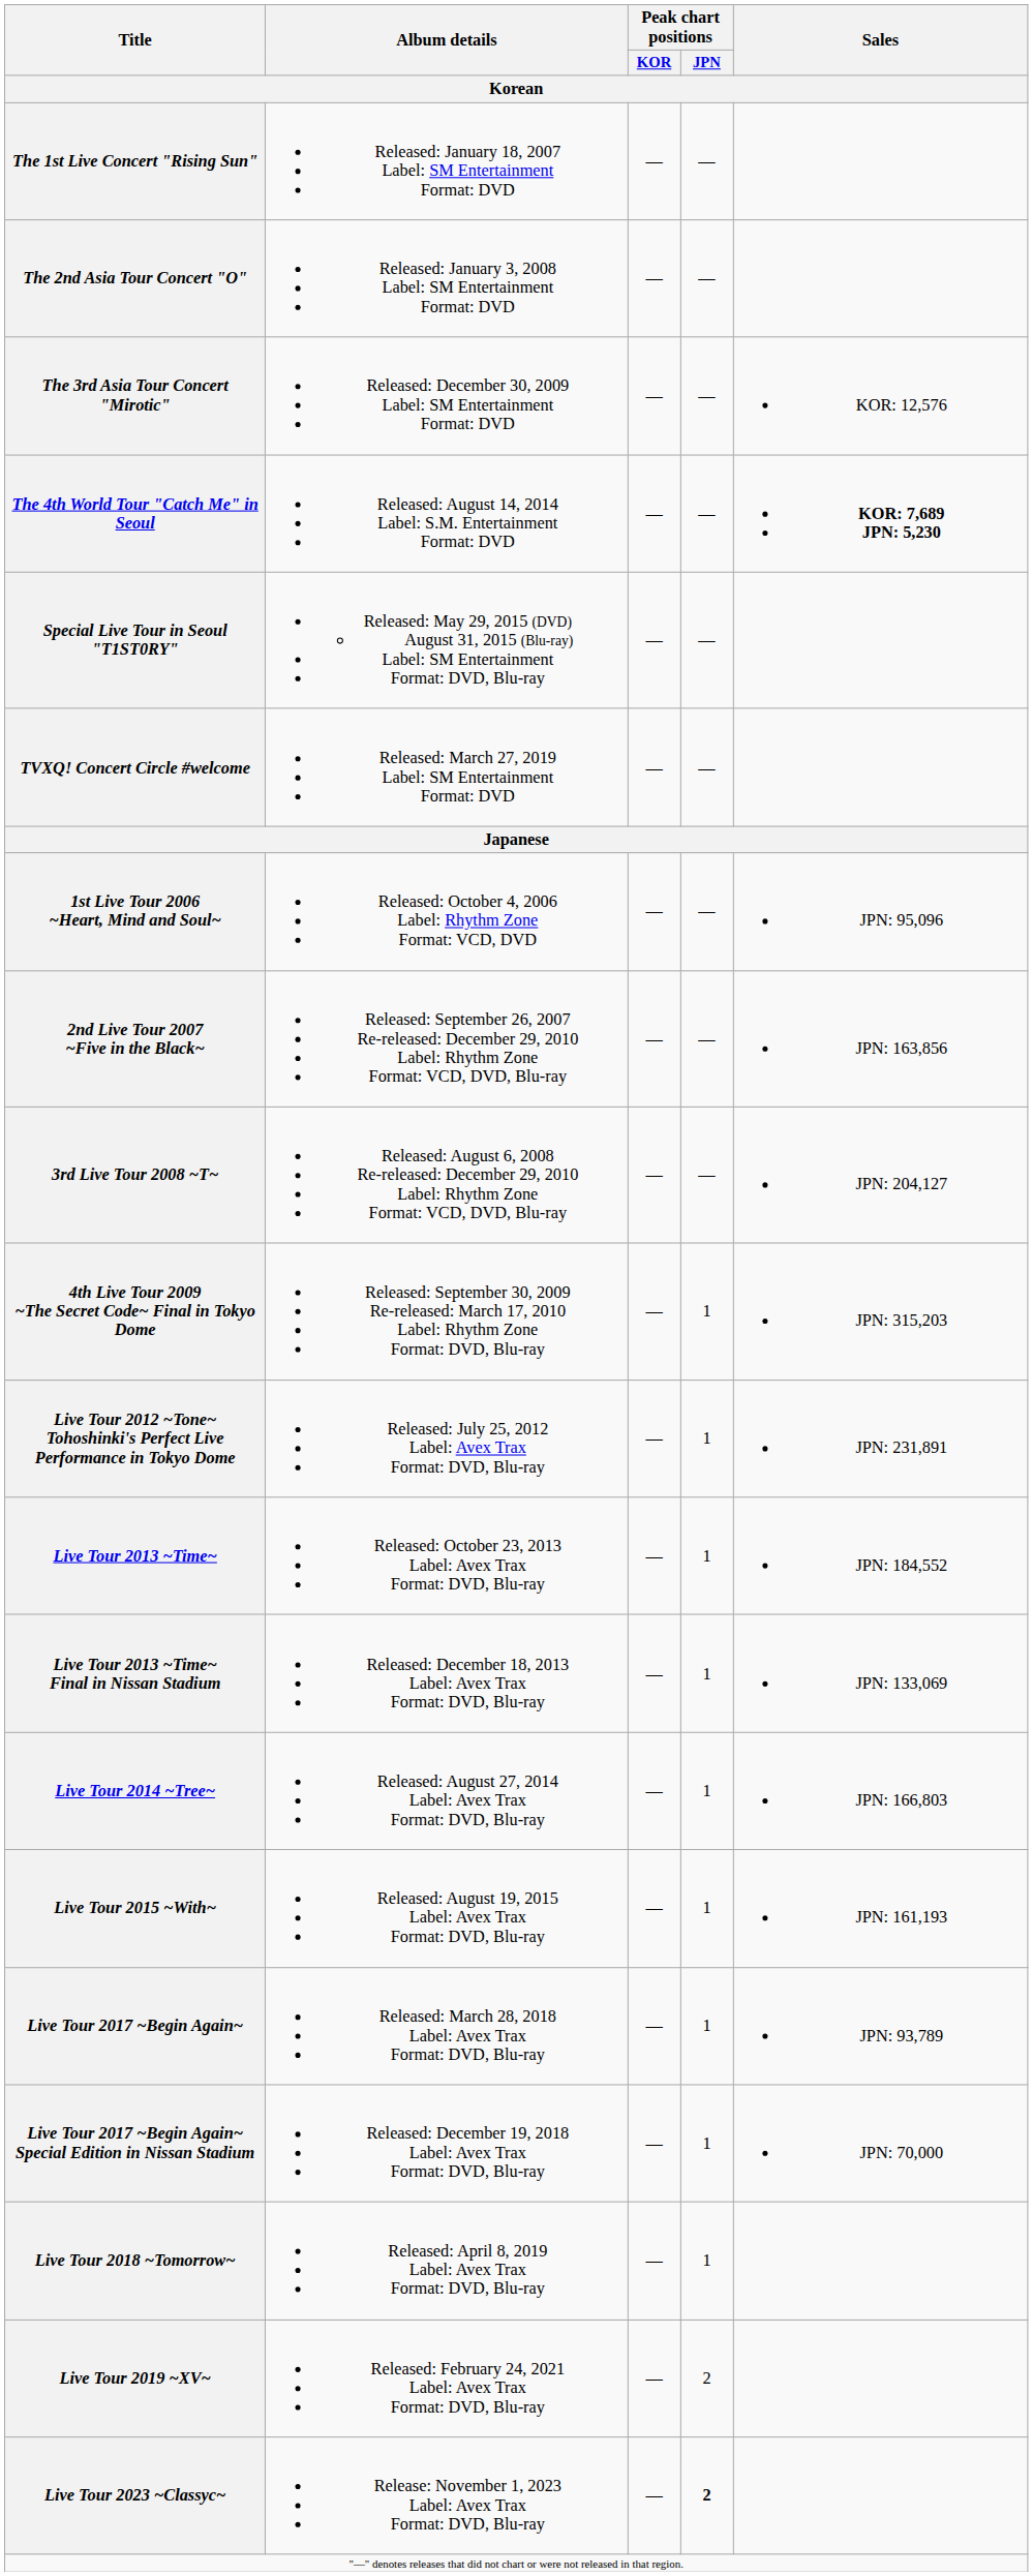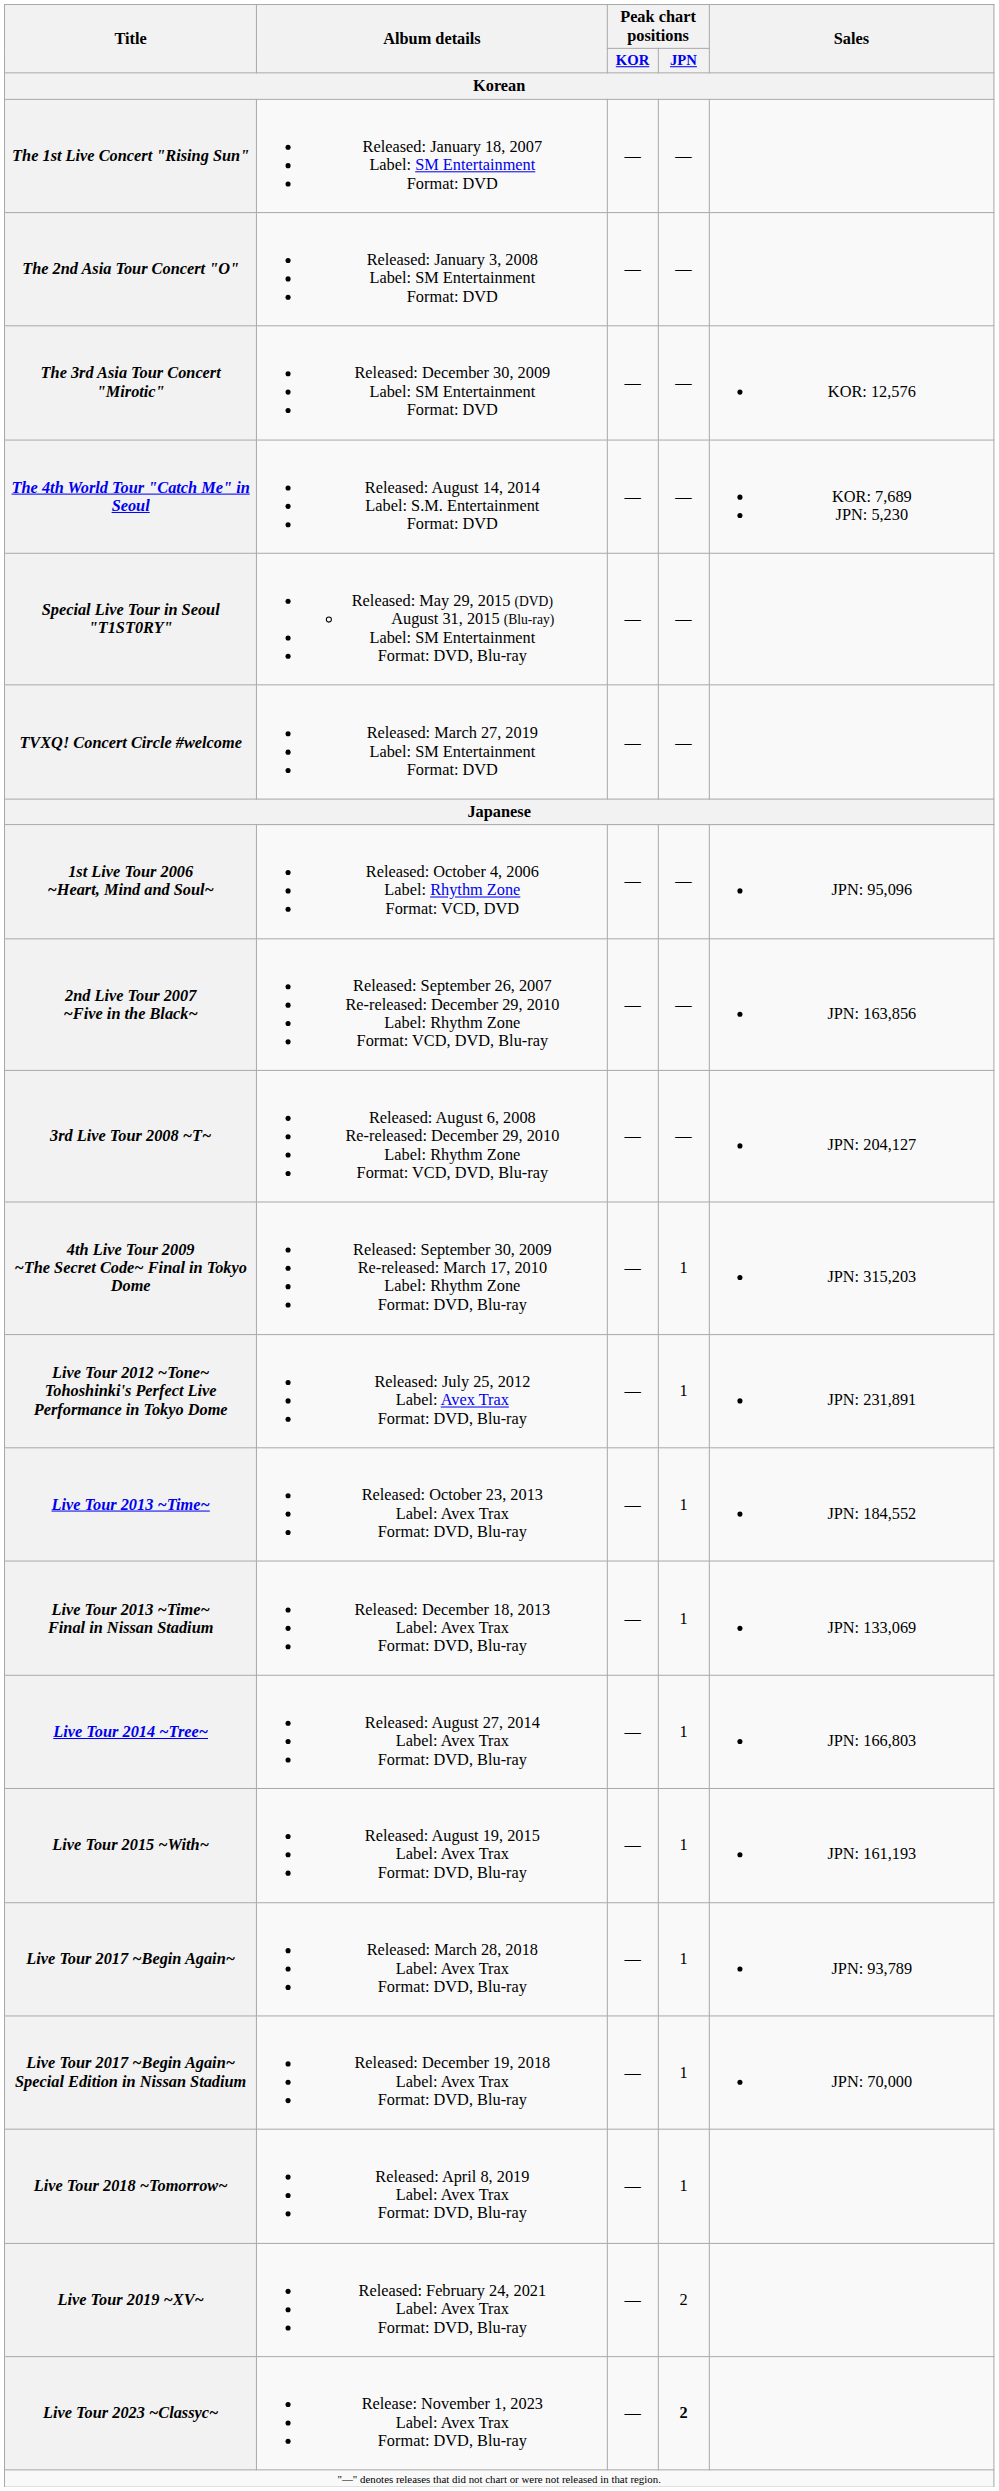 <table class="wikitable plainrowheaders" style="text-align:center;">
 <tr>
 <th scope="col" rowspan="2" style="width:15em;">Title</th>
 <th scope="col" rowspan="2" style="width:21em;">Album details</th>
 <th scope="col" colspan="2">Peak chart positions</th>
 <th scope="col" rowspan="2" style="width:17em;">Sales</th>
 </tr>
 <tr>
 <th scope="col" style="width:3em;font-size:90%;"><a href='#'>KOR</a><br></th>
 <th scope="col" style="width:3em;font-size:90%;"><a href='#'>JPN</a><br></th>
 </tr>
 <tr>
 <th colspan="8">Korean</th>
 </tr>
 <tr>
 <th scope="row"><em>The 1st Live Concert "Rising Sun"</em></th>
 <td><br><ul><li>Released: January 18, 2007</li><li>Label: <a href='#'>SM Entertainment</a></li><li>Format: DVD</li></ul></td>
 <td style="text-align:center;">—</td>
 <td style="text-align:center;">—</td>
 <td></td>
 </tr>
 <tr>
 <th scope="row"><em>The 2nd Asia Tour Concert "O"</em></th>
 <td><br><ul><li>Released: January 3, 2008</li><li>Label: SM Entertainment</li><li>Format: DVD</li></ul></td>
 <td style="text-align:center;">—</td>
 <td style="text-align:center;">—</td>
 <td></td>
 </tr>
 <tr>
 <th scope="row"><em>The 3rd Asia Tour Concert "Mirotic"</em></th>
 <td><br><ul><li>Released: December 30, 2009</li><li>Label: SM Entertainment</li><li>Format: DVD</li></ul></td>
 <td style="text-align:center;">—</td>
 <td style="text-align:center;">—</td>
 <td><br><ul><li>KOR: 12,576</li></ul></td>
 </tr>
 <tr>
 <th scope="row"><em><a href='#'>The 4th World Tour "Catch Me" in Seoul</a></em></th>
 <td><br><ul><li>Released: August 14, 2014</li><li>Label: S.M. Entertainment</li><li>Format: DVD</li></ul></td>
 <td style="text-align:center;">—</td>
 <td style="text-align:center;">—</td>
-<td><strong><br><ul><li>KOR: 7,689</li><li>JPN: 5,230</li></ul></strong></td>
+<td><br><ul><li>KOR: 7,689</li><li>JPN: 5,230</li></ul></td>
 </tr>
 <tr>
 <th scope="row"><em>Special Live Tour in Seoul "T1ST0RY"</em></th>
 <td><br><ul><li>Released: May 29, 2015 <small>(DVD)</small><ul><li>August 31, 2015 <small>(Blu-ray)</small></li></ul></li><li>Label: SM Entertainment</li><li>Format: DVD, Blu-ray</li></ul></td>
 <td style="text-align:center;">—</td>
 <td style="text-align:center;">—</td>
 <td></td>
 </tr>
 <tr>
 <th scope="row"><em>TVXQ! Concert Circle #welcome</em></th>
 <td><br><ul><li>Released: March 27, 2019</li><li>Label: SM Entertainment</li><li>Format: DVD</li></ul></td>
 <td style="text-align:center;">—</td>
 <td style="text-align:center;">—</td>
 <td></td>
 </tr>
 <tr>
 <th colspan="8">Japanese</th>
 </tr>
 <tr>
 <th scope="row"><em>1st Live Tour 2006<br>~Heart, Mind and Soul~</em></th>
 <td><br><ul><li>Released: October 4, 2006</li><li>Label: <a href='#'>Rhythm Zone</a></li><li>Format: VCD, DVD</li></ul></td>
 <td style="text-align:center;">—</td>
 <td style="text-align:center;">—</td>
 <td><br><ul><li>JPN: 95,096</li></ul></td>
 </tr>
 <tr>
 <th scope="row"><em>2nd Live Tour 2007<br>~Five in the Black~</em></th>
 <td><br><ul><li>Released: September 26, 2007</li><li>Re-released: December 29, 2010</li><li>Label: Rhythm Zone</li><li>Format: VCD, DVD, Blu-ray</li></ul></td>
 <td style="text-align:center;">—</td>
 <td style="text-align:center;">—</td>
 <td><br><ul><li>JPN: 163,856</li></ul></td>
 </tr>
 <tr>
 <th scope="row"><em>3rd Live Tour 2008 ~T~</em></th>
 <td><br><ul><li>Released: August 6, 2008</li><li>Re-released: December 29, 2010</li><li>Label: Rhythm Zone</li><li>Format: VCD, DVD, Blu-ray</li></ul></td>
 <td style="text-align:center;">—</td>
 <td style="text-align:center;">—</td>
 <td><br><ul><li>JPN: 204,127</li></ul></td>
 </tr>
 <tr>
 <th scope="row"><em>4th Live Tour 2009<br>~The Secret Code~ Final in Tokyo Dome</em></th>
 <td><br><ul><li>Released: September 30, 2009</li><li>Re-released: March 17, 2010</li><li>Label: Rhythm Zone</li><li>Format: DVD, Blu-ray</li></ul></td>
 <td style="text-align:center;">—</td>
 <td style="text-align:center;">1</td>
 <td><br><ul><li>JPN: 315,203</li></ul></td>
 </tr>
 <tr>
 <th scope="row"><em>Live Tour 2012 ~Tone~<br>Tohoshinki's Perfect Live Performance in Tokyo Dome</em></th>
 <td><br><ul><li>Released: July 25, 2012</li><li>Label: <a href='#'>Avex Trax</a></li><li>Format: DVD, Blu-ray</li></ul></td>
 <td style="text-align:center;">—</td>
 <td style="text-align:center;">1</td>
 <td><br><ul><li>JPN: 231,891</li></ul></td>
 </tr>
 <tr>
 <th scope="row"><em><a href='#'>Live Tour 2013 ~Time~</a></em></th>
 <td><br><ul><li>Released: October 23, 2013</li><li>Label: Avex Trax</li><li>Format: DVD, Blu-ray</li></ul></td>
 <td style="text-align:center;">—</td>
 <td style="text-align:center;">1</td>
 <td><br><ul><li>JPN: 184,552</li></ul></td>
 </tr>
 <tr>
 <th scope="row"><em>Live Tour 2013 ~Time~<br>Final in Nissan Stadium</em></th>
 <td><br><ul><li>Released: December 18, 2013</li><li>Label: Avex Trax</li><li>Format: DVD, Blu-ray</li></ul></td>
 <td style="text-align:center;">—</td>
 <td style="text-align:center;">1</td>
 <td><br><ul><li>JPN: 133,069</li></ul></td>
 </tr>
 <tr>
 <th scope="row"><em><a href='#'>Live Tour 2014 ~Tree~</a></em></th>
 <td><br><ul><li>Released: August 27, 2014</li><li>Label: Avex Trax</li><li>Format: DVD, Blu-ray</li></ul></td>
 <td style="text-align:center;">—</td>
 <td style="text-align:center;">1</td>
 <td><br><ul><li>JPN: 166,803</li></ul></td>
 </tr>
 <tr>
 <th scope="row"><em>Live Tour 2015 ~With~</em></th>
 <td><br><ul><li>Released: August 19, 2015</li><li>Label: Avex Trax</li><li>Format: DVD, Blu-ray</li></ul></td>
 <td style="text-align:center;">—</td>
 <td style="text-align:center;">1</td>
 <td><br><ul><li>JPN: 161,193</li></ul></td>
 </tr>
 <tr>
 <th scope="row"><em>Live Tour 2017 ~Begin Again~</em></th>
 <td><br><ul><li>Released: March 28, 2018</li><li>Label: Avex Trax</li><li>Format: DVD, Blu-ray</li></ul></td>
 <td style="text-align:center;">—</td>
 <td style="text-align:center;">1</td>
 <td><br><ul><li>JPN: 93,789</li></ul></td>
 </tr>
 <tr>
 <th scope="row"><em>Live Tour 2017 ~Begin Again~<br>Special Edition in Nissan Stadium</em></th>
 <td><br><ul><li>Released: December 19, 2018</li><li>Label: Avex Trax</li><li>Format: DVD, Blu-ray</li></ul></td>
 <td style="text-align:center;">—</td>
 <td style="text-align:center;">1</td>
 <td><br><ul><li>JPN: 70,000</li></ul></td>
 </tr>
 <tr>
 <th scope="row"><em>Live Tour 2018 ~Tomorrow~</em></th>
 <td><br><ul><li>Released: April 8, 2019</li><li>Label: Avex Trax</li><li>Format: DVD, Blu-ray</li></ul></td>
 <td style="text-align:center;">—</td>
 <td style="text-align:center;">1</td>
 <td></td>
 </tr>
 <tr>
 <th scope="row"><em>Live Tour 2019 ~XV~</em></th>
 <td><br><ul><li>Released: February 24, 2021</li><li>Label: Avex Trax</li><li>Format: DVD, Blu-ray</li></ul></td>
 <td style="text-align:center;">—</td>
 <td style="text-align:center;">2</td>
 <td></td>
 </tr>
 <tr>
 <th scope="row"><em>Live Tour 2023 ~Classyc~</em></th>
 <td><br><ul><li>Release: November 1, 2023</li><li>Label: Avex Trax</li><li>Format: DVD, Blu-ray</li></ul></td>
 <td style="text-align:center;">—</td>
 <td style="text-align:center;"><strong>2</strong></td>
 <td></td>
 </tr>
 <tr>
 <td align="center" colspan="14" style="font-size:8pt">"—" denotes releases that did not chart or were not released in that region.</td>
 </tr>
 </table>
